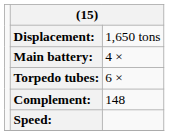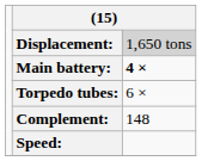 <table class="wikitable plainrowheaders" style="text-align:left">
 <tr valign="bottom">
 <td rowspan=6 style="text-align:center"></td>
 <th colspan=2 style="text-align:center"> (15)</th>
 </tr>
 <tr>
 <th style="text-align:left">Displacement:</th>
-<td>1,650 tons</td>
+<td style="background: lightgrey;">1,650 tons</td>
 </tr>
 <tr>
 <th style="text-align:left">Main battery:</th>
-<td>4 × </td>
+<td><strong>4 × </strong></td>
 </tr>
 <tr>
 <th style="text-align:left">Torpedo tubes:</th>
 <td>6 × </td>
 </tr>
 <tr>
 <th style="text-align:left">Complement:</th>
 <td>148</td>
 </tr>
 <tr>
 <th style="text-align:left">Speed:</th>
 <td></td>
 </tr>
 <tr>
 </tr>
 </table>
